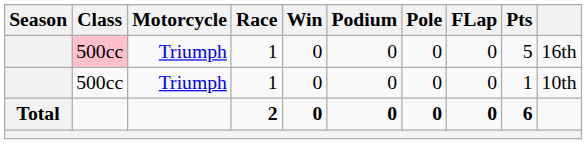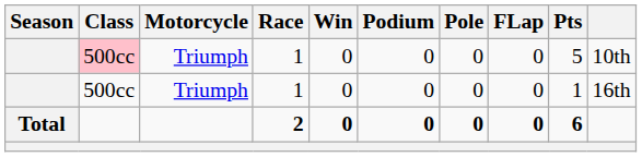 <table class="wikitable">
 <tr>
 <th>Season</th>
 <th>Class</th>
 <th>Motorcycle</th>
 <th>Race</th>
 <th>Win</th>
 <th>Podium</th>
 <th>Pole</th>
 <th>FLap</th>
 <th>Pts</th>
 <th></th>
 </tr>
 <tr align="right">
 <th></th>
 <td style="background: pink;">500cc</td>
 <td><a href='#'>Triumph</a></td>
 <td>1</td>
 <td>0</td>
 <td>0</td>
 <td>0</td>
 <td>0</td>
 <td>5</td>
-<td>16th</td>
+<td>10th</td>
 </tr>
 <tr align="right">
 <th></th>
 <td>500cc</td>
 <td><a href='#'>Triumph</a></td>
 <td>1</td>
 <td>0</td>
 <td>0</td>
 <td>0</td>
 <td>0</td>
 <td>1</td>
-<td>10th</td>
+<td>16th</td>
 </tr>
 <tr align="right">
 <th>Total</th>
 <td></td>
 <td></td>
 <td><strong>2</strong></td>
 <td><strong>0</strong></td>
 <td><strong>0</strong></td>
 <td><strong>0</strong></td>
 <td><strong>0</strong></td>
 <td><strong>6</strong></td>
 <td></td>
 </tr>
 <tr>
 <th colspan="10"></th>
 </tr>
 </table>
